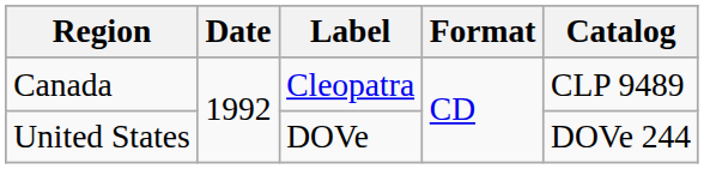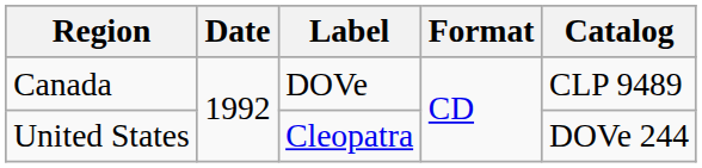 <table class="wikitable">
 <tr>
 <th>Region</th>
 <th>Date</th>
 <th>Label</th>
 <th>Format</th>
 <th>Catalog</th>
 </tr>
 <tr>
 <td>Canada</td>
 <td rowspan="2">1992</td>
-<td><a href='#'>Cleopatra</a></td>
+<td>DOVe</td>
 <td rowspan="2"><a href='#'>CD</a></td>
 <td>CLP 9489</td>
 </tr>
 <tr>
 <td>United States</td>
-<td>DOVe</td>
+<td><a href='#'>Cleopatra</a></td>
 <td>DOVe 244</td>
 </tr>
 </table>
